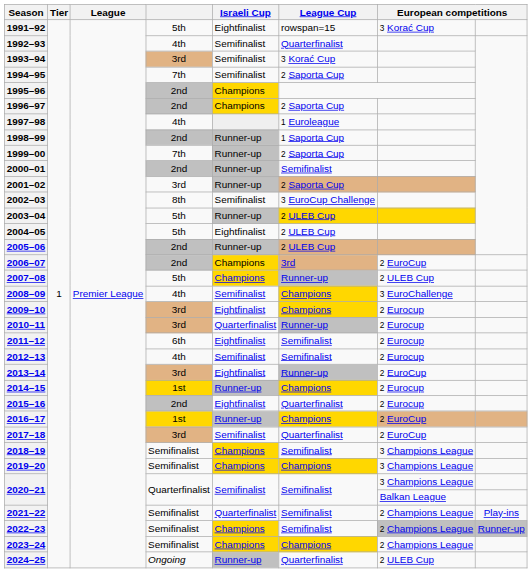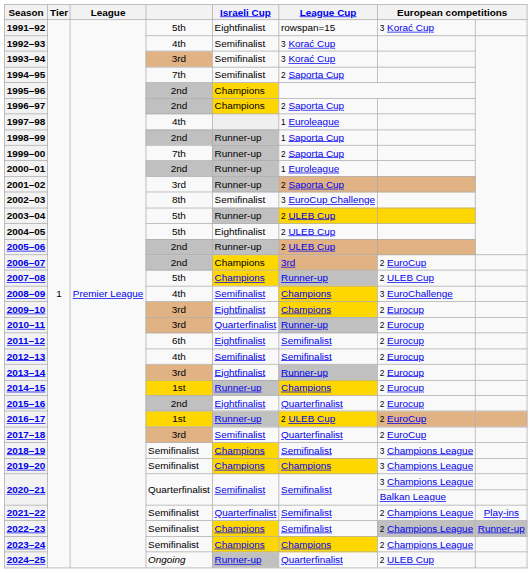 <table class="wikitable" style="font-size:85%;">
 <tr>
 <th>Season</th>
 <th>Tier</th>
 <th>League</th>
 <th></th>
 <th><a href='#'>Israeli Cup</a></th>
 <th><a href='#'>League Cup</a></th>
 <th colspan=2>European competitions</th>
 </tr>
 <tr>
 <th>1991–92</th>
 <td rowspan=35 align=center>1</td>
 <td rowspan=35><a href='#'>Premier League</a></td>
 <td align=center>5th</td>
 <td>Eightfinalist</td>
 <td>rowspan=15 </td>
 <td><small>3</small> <a href='#'>Korać Cup</a></td>
 <td align=center></td>
 </tr>
 <tr>
 <th>1992–93</th>
 <td align=center>4th</td>
 <td>Semifinalist</td>
-<td><a href='#'>Quarterfinalist</a></td>
+<td><small>3</small> <a href='#'>Korać Cup</a></td>
 <td align=center></td>
 </tr>
 <tr>
 <th>1993–94</th>
 <td bgcolor=#e1b384 align=center>3rd</td>
 <td>Semifinalist</td>
 <td><small>3</small> <a href='#'>Korać Cup</a></td>
 <td align=center></td>
 </tr>
 <tr>
 <th>1994–95</th>
 <td align=center>7th</td>
 <td>Semifinalist</td>
 <td><small>2</small> <a href='#'>Saporta Cup</a></td>
 <td align=center></td>
 </tr>
 <tr>
 <th>1995–96</th>
 <td bgcolor=silver align=center>2nd</td>
 <td bgcolor=gold>Champions</td>
 <td colspan=2></td>
 </tr>
 <tr>
 <th>1996–97</th>
 <td bgcolor=silver align=center>2nd</td>
 <td bgcolor=gold>Champions</td>
 <td><small>2</small> <a href='#'>Saporta Cup</a></td>
 <td align=center></td>
 </tr>
 <tr>
 <th>1997–98</th>
 <td align=center>4th</td>
 <td bgcolor=efefef></td>
 <td><small>1</small> <a href='#'>Euroleague</a></td>
 <td align=center></td>
 </tr>
 <tr>
 <th>1998–99</th>
 <td bgcolor=silver align=center>2nd</td>
 <td bgcolor=silver>Runner-up</td>
 <td><small>1</small> <a href='#'>Saporta Cup</a></td>
 <td align=center></td>
 </tr>
 <tr>
 <th>1999–00</th>
 <td align=center>7th</td>
 <td bgcolor=silver>Runner-up</td>
 <td><small>2</small> <a href='#'>Saporta Cup</a></td>
 <td align=center></td>
 </tr>
 <tr>
 <th>2000–01</th>
 <td bgcolor=silver align=center>2nd</td>
 <td bgcolor=silver>Runner-up</td>
-<td><a href='#'>Semifinalist</a></td>
+<td><small>1</small> <a href='#'>Euroleague</a></td>
 <td align=center></td>
 </tr>
 <tr>
 <th>2001–02</th>
 <td align=center>3rd</td>
 <td bgcolor=silver>Runner-up</td>
 <td bgcolor=#e1b384><small>2</small> <a href='#'>Saporta Cup</a></td>
 <td bgcolor=#e1b384 align=center></td>
 </tr>
 <tr>
 <th>2002–03</th>
 <td align=center>8th</td>
 <td>Semifinalist</td>
 <td><small>3</small> <a href='#'>EuroCup Challenge</a></td>
 <td align=center></td>
 </tr>
 <tr>
 <th>2003–04</th>
 <td align=center>5th</td>
 <td bgcolor=silver>Runner-up</td>
 <td bgcolor=gold><small>2</small> <a href='#'>ULEB Cup</a></td>
 <td bgcolor=gold align=center></td>
 </tr>
 <tr>
 <th>2004–05</th>
 <td align=center>5th</td>
 <td>Eightfinalist</td>
 <td><small>2</small> <a href='#'>ULEB Cup</a></td>
 <td align=center></td>
 </tr>
 <tr>
 <th><a href='#'>2005–06</a></th>
 <td bgcolor=silver align=center>2nd</td>
 <td bgcolor=silver>Runner-up</td>
 <td bgcolor=#e1b384><small>2</small> <a href='#'>ULEB Cup</a></td>
 <td bgcolor=#e1b384 align=center></td>
 </tr>
 <tr>
 <th><a href='#'>2006–07</a></th>
 <td bgcolor=silver align=center>2nd</td>
 <td bgcolor=gold>Champions</td>
 <td bgcolor=#e1b384><a href='#'>3rd</a></td>
 <td><small>2</small> <a href='#'>EuroCup</a></td>
 <td align=center></td>
 </tr>
 <tr>
 <th><a href='#'>2007–08</a></th>
 <td align=center>5th</td>
 <td bgcolor=gold><a href='#'>Champions</a></td>
 <td bgcolor=silver><a href='#'>Runner-up</a></td>
 <td><small>2</small> <a href='#'>ULEB Cup</a></td>
 <td align=center></td>
 </tr>
 <tr>
 <th><a href='#'>2008–09</a></th>
 <td align=center>4th</td>
 <td><a href='#'>Semifinalist</a></td>
 <td bgcolor=gold><a href='#'>Champions</a></td>
 <td><small>3</small> <a href='#'>EuroChallenge</a></td>
 <td align=center></td>
 </tr>
 <tr>
 <th><a href='#'>2009–10</a></th>
 <td bgcolor=#e1b384 align=center>3rd</td>
 <td><a href='#'>Eightfinalist</a></td>
 <td bgcolor=gold><a href='#'>Champions</a></td>
 <td><small>2</small> <a href='#'>Eurocup</a></td>
 <td align=center></td>
 </tr>
 <tr>
 <th><a href='#'>2010–11</a></th>
 <td bgcolor=#e1b384 align=center>3rd</td>
 <td><a href='#'>Quarterfinalist</a></td>
 <td bgcolor=silver><a href='#'>Runner-up</a></td>
 <td><small>2</small> <a href='#'>Eurocup</a></td>
 <td align=center></td>
 </tr>
 <tr>
 <th><a href='#'>2011–12</a></th>
 <td align=center>6th</td>
 <td><a href='#'>Eightfinalist</a></td>
 <td><a href='#'>Semifinalist</a></td>
 <td><small>2</small> <a href='#'>Eurocup</a></td>
 <td align=center></td>
 </tr>
 <tr>
 <th><a href='#'>2012–13</a></th>
 <td align=center>4th</td>
 <td><a href='#'>Semifinalist</a></td>
 <td><a href='#'>Semifinalist</a></td>
 <td><small>2</small> <a href='#'>Eurocup</a></td>
 <td align=center></td>
 </tr>
 <tr>
 <th><a href='#'>2013–14</a></th>
 <td bgcolor=#e1b384 align=center>3rd</td>
 <td><a href='#'>Eightfinalist</a></td>
 <td bgcolor=silver><a href='#'>Runner-up</a></td>
-<td><small>2</small> <a href='#'>EuroCup</a></td>
+<td><small>2</small> <a href='#'>Eurocup</a></td>
 <td align=center></td>
 </tr>
 <tr>
 <th><a href='#'>2014–15</a></th>
 <td bgcolor=gold align=center>1st</td>
 <td bgcolor=silver><a href='#'>Runner-up</a></td>
 <td bgcolor=gold><a href='#'>Champions</a></td>
 <td><small>2</small> <a href='#'>Eurocup</a></td>
 <td align=center></td>
 </tr>
 <tr>
 <th><a href='#'>2015–16</a></th>
 <td bgcolor=silver align=center>2nd</td>
 <td><a href='#'>Eightfinalist</a></td>
 <td><a href='#'>Quarterfinalist</a></td>
 <td><small>2</small> <a href='#'>Eurocup</a></td>
 <td align=center></td>
 </tr>
 <tr>
 <th><a href='#'>2016–17</a></th>
 <td bgcolor=gold align=center>1st</td>
 <td bgcolor=silver><a href='#'>Runner-up</a></td>
-<td bgcolor=gold><a href='#'>Champions</a></td>
+<td bgcolor=gold><small>2</small> <a href='#'>ULEB Cup</a></td>
 <td bgcolor=#e1b384><small>2</small> <a href='#'>EuroCup</a></td>
 <td bgcolor=#e1b384 align=center></td>
 </tr>
 <tr>
 <th><a href='#'>2017–18</a></th>
 <td bgcolor=#e1b384 align=center>3rd</td>
 <td><a href='#'>Semifinalist</a></td>
 <td><a href='#'>Quarterfinalist</a></td>
 <td><small>2</small> <a href='#'>EuroCup</a></td>
 <td align=center></td>
 </tr>
 <tr>
 <th><a href='#'>2018–19</a></th>
 <td>Semifinalist</td>
 <td bgcolor=gold><a href='#'>Champions</a></td>
 <td><a href='#'>Semifinalist</a></td>
 <td><small>3</small> <a href='#'>Champions League</a></td>
 <td align=center></td>
 </tr>
 <tr>
 <th><a href='#'>2019–20</a></th>
 <td>Semifinalist</td>
 <td bgcolor=gold><a href='#'>Champions</a></td>
 <td bgcolor=gold><a href='#'>Champions</a></td>
 <td><small>3</small> <a href='#'>Champions League</a></td>
 <td align=center></td>
 </tr>
 <tr>
 <th rowspan=2><a href='#'>2020–21</a></th>
 <td rowspan=2>Quarterfinalist</td>
 <td rowspan=2><a href='#'>Semifinalist</a></td>
 <td rowspan=2><a href='#'>Semifinalist</a></td>
 <td><small>3</small> <a href='#'>Champions League</a></td>
 <td align=center></td>
 </tr>
 <tr>
 <td><small></small> <a href='#'>Balkan League</a></td>
 <td align=center></td>
 </tr>
 <tr>
 <th><a href='#'>2021–22</a></th>
 <td>Semifinalist</td>
 <td><a href='#'>Quarterfinalist</a></td>
 <td><a href='#'>Semifinalist</a></td>
 <td><small>2</small> <a href='#'>Champions League</a></td>
 <td align=center><a href='#'>Play-ins</a></td>
 </tr>
 <tr>
 <th><a href='#'>2022–23</a></th>
 <td>Semifinalist</td>
 <td bgcolor=gold><a href='#'>Champions</a></td>
 <td><a href='#'>Semifinalist</a></td>
 <td bgcolor=silver><small>2</small> <a href='#'>Champions League</a></td>
 <td bgcolor=silver align=center><a href='#'>Runner-up</a></td>
 </tr>
 <tr>
 <th><a href='#'>2023–24</a></th>
 <td>Semifinalist</td>
 <td bgcolor=gold><a href='#'>Champions</a></td>
 <td bgcolor=gold><a href='#'>Champions</a></td>
 <td><small>2</small> <a href='#'>Champions League</a></td>
 <td align=center></td>
 </tr>
 <tr>
 <th><a href='#'>2024–25</a></th>
 <td><em>Ongoing</em></td>
 <td bgcolor=silver><a href='#'>Runner-up</a></td>
 <td><a href='#'>Quarterfinalist</a></td>
 <td><small>2</small> <a href='#'>ULEB Cup</a></td>
 <td align=center></td>
 </tr>
 </table>
